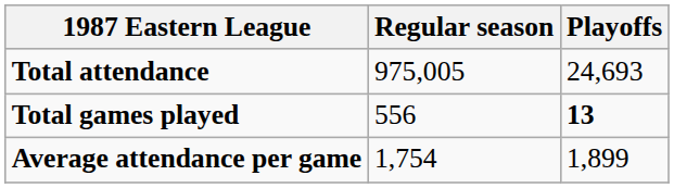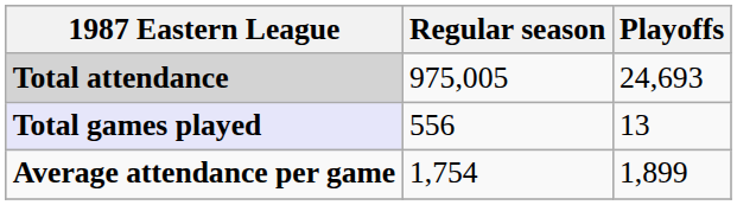 <table class="wikitable" border="1">
 <tr>
 <th>1987 Eastern League</th>
 <th>Regular season</th>
 <th>Playoffs</th>
 </tr>
 <tr>
-<td><strong>Total attendance</strong></td>
+<td style="background: lightgrey;"><strong>Total attendance</strong></td>
 <td>975,005</td>
 <td>24,693</td>
 </tr>
 <tr>
-<td><strong>Total games played</strong></td>
+<td style="background: lavender;"><strong>Total games played</strong></td>
 <td>556</td>
-<td><strong>13</strong></td>
+<td>13</td>
 </tr>
 <tr>
 <td><strong>Average attendance per game</strong></td>
 <td>1,754</td>
 <td>1,899</td>
 </tr>
 </table>
